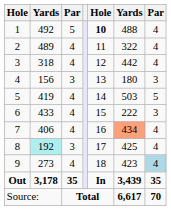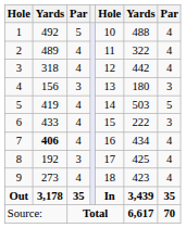 <table class="wikitable" style="text-align:center;">
 <tr>
 <th>Hole</th>
 <th>Yards</th>
 <th>Par</th>
 <th></th>
 <th>Hole</th>
 <th>Yards</th>
 <th>Par</th>
 </tr>
 <tr>
 <td>1</td>
 <td>492</td>
 <td>5</td>
 <td rowspan="10" style="background:#E6E8FA;"></td>
-<td><strong>10</strong></td>
+<td>10</td>
 <td>488</td>
 <td>4</td>
 </tr>
 <tr>
 <td>2</td>
 <td>489</td>
 <td>4</td>
 <td>11</td>
 <td>322</td>
 <td>4</td>
 </tr>
 <tr>
 <td>3</td>
 <td>318</td>
 <td>4</td>
 <td>12</td>
 <td>442</td>
 <td>4</td>
 </tr>
 <tr>
 <td>4</td>
 <td>156</td>
 <td>3</td>
 <td>13</td>
 <td>180</td>
 <td>3</td>
 </tr>
 <tr>
 <td>5</td>
 <td>419</td>
 <td>4</td>
 <td>14</td>
 <td>503</td>
 <td>5</td>
 </tr>
 <tr>
 <td>6</td>
 <td>433</td>
 <td>4</td>
 <td>15</td>
 <td>222</td>
 <td>3</td>
 </tr>
 <tr>
 <td>7</td>
-<td>406</td>
+<td><strong>406</strong></td>
 <td>4</td>
 <td>16</td>
-<td style="background: lightsalmon;">434</td>
+<td>434</td>
 <td>4</td>
 </tr>
 <tr>
 <td>8</td>
-<td style="background: paleturquoise;">192</td>
+<td>192</td>
 <td>3</td>
 <td>17</td>
 <td>425</td>
 <td>4</td>
 </tr>
 <tr>
 <td>9</td>
 <td>273</td>
 <td>4</td>
 <td>18</td>
 <td>423</td>
-<td style="background: lightblue;">4</td>
+<td>4</td>
 </tr>
 <tr>
 <td><strong>Out</strong></td>
 <td><strong>3,178</strong></td>
 <td><strong>35</strong></td>
 <td><strong>In</strong></td>
 <td><strong>3,439</strong></td>
 <td><strong>35</strong></td>
 </tr>
 <tr>
 <td colspan="2" style="text-align:left;">Source:</td>
 <td colspan="3"><strong>Total</strong></td>
 <td><strong>6,617</strong></td>
 <td><strong>70</strong></td>
 </tr>
 </table>
